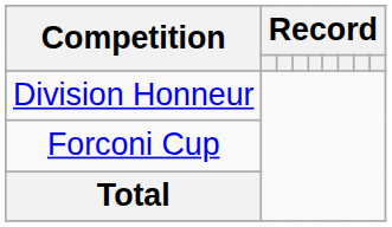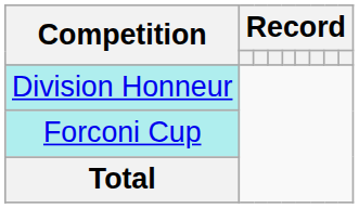 <table class="wikitable" style="text-align: center">
 <tr>
 <th rowspan=2>Competition</th>
 <th colspan=8>Record</th>
 </tr>
 <tr>
 <th></th>
 <th></th>
 <th></th>
 <th></th>
 <th></th>
 <th></th>
 <th></th>
 <th></th>
 </tr>
 <tr>
-<td><a href='#'>Division Honneur</a><br></td>
+<td style="background: paleturquoise;"><a href='#'>Division Honneur</a><br></td>
 </tr>
 <tr>
-<td><a href='#'>Forconi Cup</a><br></td>
+<td style="background: paleturquoise;"><a href='#'>Forconi Cup</a><br></td>
 </tr>
 <tr>
 <th>Total<br></th>
 </tr>
 </table>
